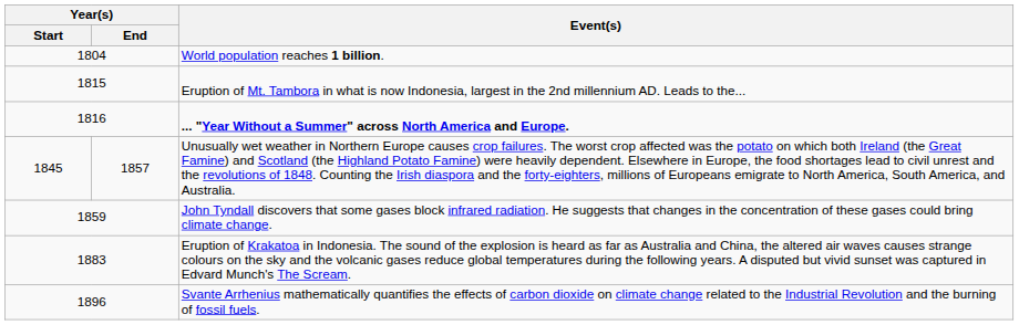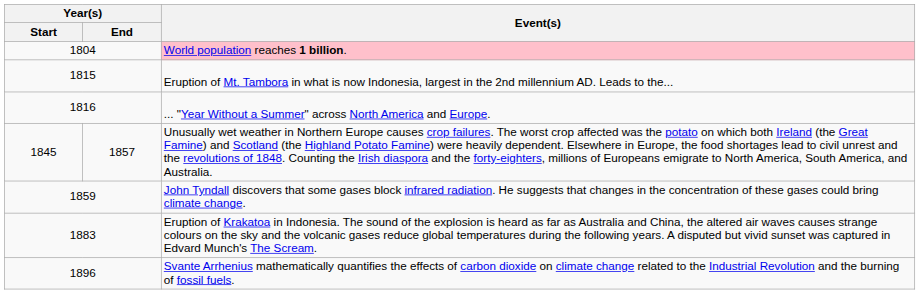 <table class="wikitable">
 <tr>
 <th colspan="2">Year(s)</th>
 <th rowspan="2">Event(s)</th>
 </tr>
 <tr>
 <th style="width:100px;">Start</th>
 <th style="width:100px;">End</th>
 </tr>
 <tr>
 <td colspan="2" style="text-align:center;">1804</td>
-<td><a href='#'>World population</a> reaches <strong>1 billion</strong>.</td>
+<td style="background: pink;"><a href='#'>World population</a> reaches <strong>1 billion</strong>.</td>
 </tr>
 <tr>
 <td colspan="2" style="text-align:center;">1815</td>
 <td><div><br>Eruption of <a href='#'>Mt. Tambora</a> in what is now Indonesia, largest in the 2nd millennium AD.  Leads to the... </div></td>
 </tr>
 <tr>
 <td colspan="2" style="text-align:center;">1816</td>
-<td><strong><div><br>... "<a href='#'>Year Without a Summer</a>" across <a href='#'>North America</a> and <a href='#'>Europe</a>. </div></strong></td>
+<td><div><br>... "<a href='#'>Year Without a Summer</a>" across <a href='#'>North America</a> and <a href='#'>Europe</a>. </div></td>
 </tr>
 <tr>
 <td style="text-align:center;">1845</td>
 <td style="text-align:center;">1857</td>
 <td>Unusually wet weather in Northern Europe causes <a href='#'>crop failures</a>.  The worst crop affected was the <a href='#'>potato</a> on which both <a href='#'>Ireland</a> (the <a href='#'>Great Famine</a>) and <a href='#'>Scotland</a> (the <a href='#'>Highland Potato Famine</a>) were heavily dependent.  Elsewhere in Europe, the food shortages lead to civil unrest and the <a href='#'>revolutions of 1848</a>.  Counting the <a href='#'>Irish diaspora</a> and the <a href='#'>forty-eighters</a>, millions of Europeans emigrate to North America, South America, and Australia.</td>
 </tr>
 <tr>
 <td colspan="2" style="text-align:center;">1859</td>
 <td><a href='#'>John Tyndall</a> discovers that some gases block <a href='#'>infrared radiation</a>. He suggests that changes in the concentration of these gases could bring <a href='#'>climate change</a>.</td>
 </tr>
 <tr>
 <td colspan="2" style="text-align:center;">1883</td>
 <td>Eruption of <a href='#'>Krakatoa</a> in Indonesia. The sound of the explosion is heard as far as Australia and China, the altered air waves causes strange colours on the sky and the volcanic gases reduce global temperatures during the following years.  A disputed but vivid sunset was captured in Edvard Munch's <a href='#'>The Scream</a>.</td>
 </tr>
 <tr>
 <td colspan="2" style="text-align:center;">1896</td>
 <td><a href='#'>Svante Arrhenius</a> mathematically quantifies the effects of <a href='#'>carbon dioxide</a> on <a href='#'>climate change</a> related to the <a href='#'>Industrial Revolution</a> and the burning of <a href='#'>fossil fuels</a>.</td>
 </tr>
 </table>
